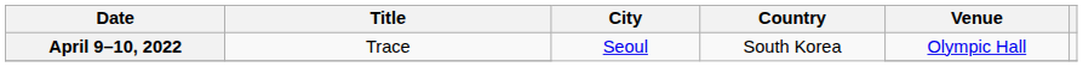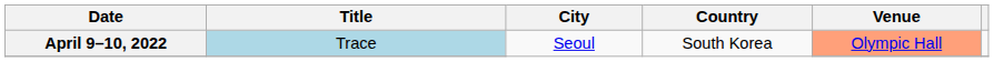 <table class="wikitable sortable plainrowheaders" style="text-align:center;">
 <tr>
 <th style="width:12em;">Date</th>
 <th style="width:18em;">Title</th>
 <th style="width:8em;">City</th>
 <th style="width:10em;">Country</th>
 <th style="width:10em;">Venue</th>
 <th scope="col" class="unsortable"></th>
 </tr>
 <tr>
 <th scope="row" style="text-align:center;">April 9–10, 2022</th>
-<td>Trace</td>
+<td style="background: lightblue;">Trace</td>
 <td rowspan="2"><a href='#'>Seoul</a></td>
 <td rowspan="2">South Korea</td>
-<td><a href='#'>Olympic Hall</a></td>
+<td style="background: lightsalmon;"><a href='#'>Olympic Hall</a></td>
 <td style="text-align:center"></td>
 </tr>
 <tr>
 </tr>
 </table>
